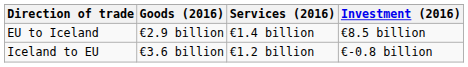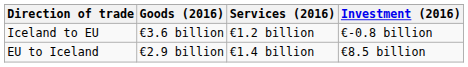 <table class="wikitable">
 <tr>
 </tr>
 <tr>
 <th>Direction of trade</th>
 <th>Goods (2016)</th>
 <th>Services (2016)</th>
 <th><a href='#'>Investment</a> (2016)</th>
 </tr>
 <tr>
+<td>Iceland to EU</td>
+<td>€3.6 billion</td>
+<td>€1.2 billion</td>
+<td>€-0.8 billion</td>
+</tr>
+<tr>
 <td>EU to Iceland</td>
 <td>€2.9 billion</td>
 <td>€1.4 billion</td>
 <td>€8.5 billion</td>
 </tr>
-<tr>
-<td>Iceland to EU</td>
-<td>€3.6 billion</td>
-<td>€1.2 billion</td>
-<td>€-0.8 billion</td>
-</tr>
 </table>
